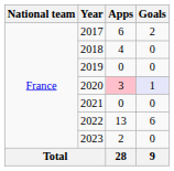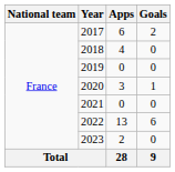 <table class="wikitable" style="text-align:center">
 <tr>
 <th>National team</th>
 <th>Year</th>
 <th>Apps</th>
 <th>Goals</th>
 </tr>
 <tr>
 <td rowspan="7"><a href='#'>France</a></td>
 <td>2017</td>
 <td>6</td>
 <td>2</td>
 </tr>
 <tr>
 <td>2018</td>
 <td>4</td>
 <td>0</td>
 </tr>
 <tr>
 <td>2019</td>
 <td>0</td>
 <td>0</td>
 </tr>
 <tr>
 <td>2020</td>
-<td style="background: pink;">3</td>
-<td style="background: lavender;">1</td>
+<td>3</td>
+<td>1</td>
 </tr>
 <tr>
 <td>2021</td>
 <td>0</td>
 <td>0</td>
 </tr>
 <tr>
 <td>2022</td>
 <td>13</td>
 <td>6</td>
 </tr>
 <tr>
 <td>2023</td>
 <td>2</td>
 <td>0</td>
 </tr>
 <tr>
 <th colspan="2">Total</th>
 <th>28</th>
 <th>9</th>
 </tr>
 </table>
